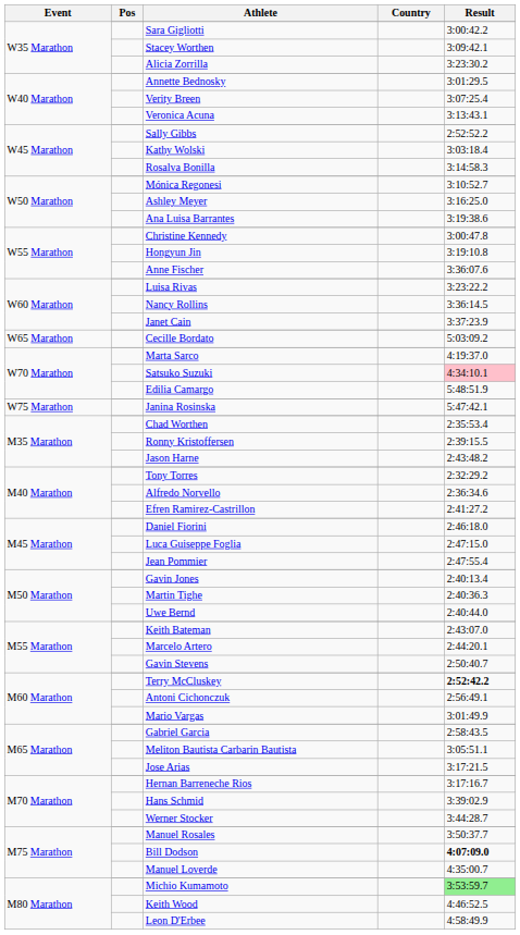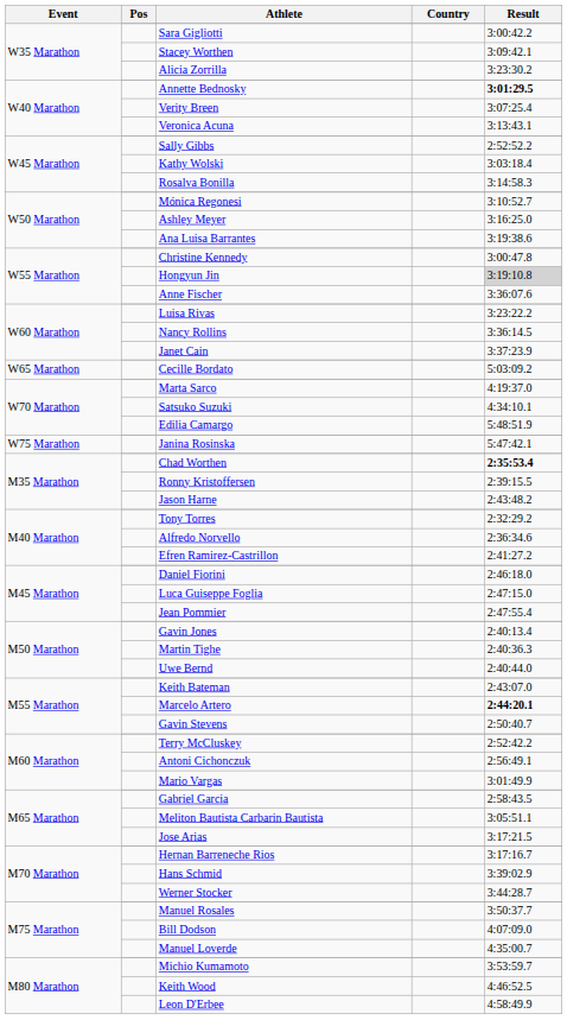 <table class="wikitable" style="width:60%;">
 <tr>
 <th>Event</th>
 <th>Pos</th>
 <th>Athlete</th>
 <th>Country</th>
 <th>Result</th>
 </tr>
 <tr>
 <td rowspan="4">W35 <a href='#'>Marathon</a></td>
 </tr>
 <tr>
 <td align=center></td>
 <td align=left><a href='#'>Sara Gigliotti</a></td>
 <td align=left></td>
 <td>3:00:42.2</td>
 </tr>
 <tr>
 <td align=center></td>
 <td align=left><a href='#'>Stacey Worthen</a></td>
 <td align=left></td>
 <td>3:09:42.1</td>
 </tr>
 <tr>
 <td align=center></td>
 <td align=left><a href='#'>Alicia Zorrilla</a></td>
 <td align=left></td>
 <td>3:23:30.2</td>
 </tr>
 <tr>
 <td rowspan="4">W40 <a href='#'>Marathon</a></td>
 </tr>
 <tr>
 <td align=center></td>
 <td align=left><a href='#'>Annette Bednosky</a></td>
 <td align=left></td>
-<td>3:01:29.5</td>
+<td><strong>3:01:29.5</strong></td>
 </tr>
 <tr>
 <td align=center></td>
 <td align=left><a href='#'>Verity Breen</a></td>
 <td align=left></td>
 <td>3:07:25.4</td>
 </tr>
 <tr>
 <td align=center></td>
 <td align=left><a href='#'>Veronica Acuna</a></td>
 <td align=left></td>
 <td>3:13:43.1</td>
 </tr>
 <tr>
 <td rowspan="4">W45 <a href='#'>Marathon</a></td>
 </tr>
 <tr>
 <td align=center></td>
 <td align=left><a href='#'>Sally Gibbs</a></td>
 <td align=left></td>
 <td>2:52:52.2</td>
 </tr>
 <tr>
 <td align=center></td>
 <td align=left><a href='#'>Kathy Wolski</a></td>
 <td align=left></td>
 <td>3:03:18.4</td>
 </tr>
 <tr>
 <td align=center></td>
 <td align=left><a href='#'>Rosalva Bonilla</a></td>
 <td align=left></td>
 <td>3:14:58.3</td>
 </tr>
 <tr>
 <td rowspan="4">W50 <a href='#'>Marathon</a></td>
 </tr>
 <tr>
 <td align=center></td>
 <td align=left><a href='#'>Mónica Regonesi</a></td>
 <td align=left></td>
 <td>3:10:52.7</td>
 </tr>
 <tr>
 <td align=center></td>
 <td align=left><a href='#'>Ashley Meyer</a></td>
 <td align=left></td>
 <td>3:16:25.0</td>
 </tr>
 <tr>
 <td align=center></td>
 <td align=left><a href='#'>Ana Luisa Barrantes</a></td>
 <td align=left></td>
 <td>3:19:38.6</td>
 </tr>
 <tr>
 <td rowspan="4">W55 <a href='#'>Marathon</a></td>
 </tr>
 <tr>
 <td align=center></td>
 <td align=left><a href='#'>Christine Kennedy</a></td>
 <td align=left></td>
 <td>3:00:47.8</td>
 </tr>
 <tr>
 <td align=center></td>
 <td align=left><a href='#'>Hongyun Jin</a></td>
 <td align=left></td>
-<td>3:19:10.8</td>
+<td style="background: lightgrey;">3:19:10.8</td>
 </tr>
 <tr>
 <td align=center></td>
 <td align=left><a href='#'>Anne Fischer</a></td>
 <td align=left></td>
 <td>3:36:07.6</td>
 </tr>
 <tr>
 <td rowspan="4">W60 <a href='#'>Marathon</a></td>
 </tr>
 <tr>
 <td align=center></td>
 <td align=left><a href='#'>Luisa Rivas</a></td>
 <td align=left></td>
 <td>3:23:22.2</td>
 </tr>
 <tr>
 <td align=center></td>
 <td align=left><a href='#'>Nancy Rollins</a></td>
 <td align=left></td>
 <td>3:36:14.5</td>
 </tr>
 <tr>
 <td align=center></td>
 <td align=left><a href='#'>Janet Cain</a></td>
 <td align=left></td>
 <td>3:37:23.9</td>
 </tr>
 <tr>
 <td rowspan="2">W65 <a href='#'>Marathon</a></td>
 </tr>
 <tr>
 <td align=center></td>
 <td align=left><a href='#'>Cecille Bordato</a></td>
 <td align=left></td>
 <td>5:03:09.2</td>
 </tr>
 <tr>
 <td rowspan="4">W70 <a href='#'>Marathon</a></td>
 </tr>
 <tr>
 <td align=center></td>
 <td align=left><a href='#'>Marta Sarco</a></td>
 <td align=left></td>
 <td>4:19:37.0</td>
 </tr>
 <tr>
 <td align=center></td>
 <td align=left><a href='#'>Satsuko Suzuki</a></td>
 <td align=left></td>
-<td style="background: pink;">4:34:10.1</td>
+<td>4:34:10.1</td>
 </tr>
 <tr>
 <td align=center></td>
 <td align=left><a href='#'>Edilia Camargo</a></td>
 <td align=left></td>
 <td>5:48:51.9</td>
 </tr>
 <tr>
 <td rowspan="2">W75 <a href='#'>Marathon</a></td>
 </tr>
 <tr>
 <td align=center></td>
 <td align=left><a href='#'>Janina Rosinska</a></td>
 <td align=left></td>
 <td>5:47:42.1</td>
 </tr>
 <tr>
 <td rowspan="4">M35 <a href='#'>Marathon</a></td>
 </tr>
 <tr>
 <td align=center></td>
 <td align=left><a href='#'>Chad Worthen</a></td>
 <td align=left></td>
-<td>2:35:53.4</td>
+<td><strong>2:35:53.4</strong></td>
 </tr>
 <tr>
 <td align=center></td>
 <td align=left><a href='#'>Ronny Kristoffersen</a></td>
 <td align=left></td>
 <td>2:39:15.5</td>
 </tr>
 <tr>
 <td align=center></td>
 <td align=left><a href='#'>Jason Harne</a></td>
 <td align=left></td>
 <td>2:43:48.2</td>
 </tr>
 <tr>
 <td rowspan="4">M40 <a href='#'>Marathon</a></td>
 </tr>
 <tr>
 <td align=center></td>
 <td align=left><a href='#'>Tony Torres</a></td>
 <td align=left></td>
 <td>2:32:29.2</td>
 </tr>
 <tr>
 <td align=center></td>
 <td align=left><a href='#'>Alfredo Norvello</a></td>
 <td align=left></td>
 <td>2:36:34.6</td>
 </tr>
 <tr>
 <td align=center></td>
 <td align=left><a href='#'>Efren Ramirez-Castrillon</a></td>
 <td align=left></td>
 <td>2:41:27.2</td>
 </tr>
 <tr>
 <td rowspan="4">M45 <a href='#'>Marathon</a></td>
 </tr>
 <tr>
 <td align=center></td>
 <td align=left><a href='#'>Daniel Fiorini</a></td>
 <td align=left></td>
 <td>2:46:18.0</td>
 </tr>
 <tr>
 <td align=center></td>
 <td align=left><a href='#'>Luca Guiseppe Foglia</a></td>
 <td align=left></td>
 <td>2:47:15.0</td>
 </tr>
 <tr>
 <td align=center></td>
 <td align=left><a href='#'>Jean Pommier</a></td>
 <td align="left"></td>
 <td>2:47:55.4</td>
 </tr>
 <tr>
 <td rowspan="4">M50 <a href='#'>Marathon</a></td>
 </tr>
 <tr>
 <td align=center></td>
 <td align=left><a href='#'>Gavin Jones</a></td>
 <td align=left></td>
 <td>2:40:13.4</td>
 </tr>
 <tr>
 <td align=center></td>
 <td align=left><a href='#'>Martin Tighe</a></td>
 <td align=left></td>
 <td>2:40:36.3</td>
 </tr>
 <tr>
 <td align=center></td>
 <td align=left><a href='#'>Uwe Bernd</a></td>
 <td align=left></td>
 <td>2:40:44.0</td>
 </tr>
 <tr>
 <td rowspan="4">M55 <a href='#'>Marathon</a></td>
 </tr>
 <tr>
 <td align=center></td>
 <td align=left><a href='#'>Keith Bateman</a></td>
 <td align=left></td>
 <td>2:43:07.0</td>
 </tr>
 <tr>
 <td align=center></td>
 <td align=left><a href='#'>Marcelo Artero</a></td>
 <td align=left></td>
-<td>2:44:20.1</td>
+<td><strong>2:44:20.1</strong></td>
 </tr>
 <tr>
 <td align=center></td>
 <td align=left><a href='#'>Gavin Stevens</a></td>
 <td align=left></td>
 <td>2:50:40.7</td>
 </tr>
 <tr>
 <td rowspan="4">M60 <a href='#'>Marathon</a></td>
 </tr>
 <tr>
 <td align=center></td>
 <td align=left><a href='#'>Terry McCluskey</a></td>
 <td align=left></td>
-<td><strong>2:52:42.2</strong></td>
+<td>2:52:42.2</td>
 </tr>
 <tr>
 <td align=center></td>
 <td align=left><a href='#'>Antoni Cichonczuk</a></td>
 <td align=left></td>
 <td>2:56:49.1</td>
 </tr>
 <tr>
 <td align=center></td>
 <td align=left><a href='#'>Mario Vargas</a></td>
 <td align=left></td>
 <td>3:01:49.9</td>
 </tr>
 <tr>
 <td rowspan="4">M65 <a href='#'>Marathon</a></td>
 </tr>
 <tr>
 <td align=center></td>
 <td align=left><a href='#'>Gabriel Garcia</a></td>
 <td align=left></td>
 <td>2:58:43.5</td>
 </tr>
 <tr>
 <td align=center></td>
 <td align=left><a href='#'>Meliton Bautista Carbarin Bautista</a></td>
 <td align=left></td>
 <td>3:05:51.1</td>
 </tr>
 <tr>
 <td align=center></td>
 <td align=left><a href='#'>Jose Arias</a></td>
 <td align=left></td>
 <td>3:17:21.5</td>
 </tr>
 <tr>
 <td rowspan="4">M70 <a href='#'>Marathon</a></td>
 </tr>
 <tr>
 <td align=center></td>
 <td align=left><a href='#'>Hernan Barreneche Rios</a></td>
 <td align=left></td>
 <td>3:17:16.7</td>
 </tr>
 <tr>
 <td align=center></td>
 <td align=left><a href='#'>Hans Schmid</a></td>
 <td align=left></td>
 <td>3:39:02.9</td>
 </tr>
 <tr>
 <td align=center></td>
 <td align=left><a href='#'>Werner Stocker</a></td>
 <td align=left></td>
 <td>3:44:28.7</td>
 </tr>
 <tr>
 <td rowspan="4">M75 <a href='#'>Marathon</a></td>
 </tr>
 <tr>
 <td align=center></td>
 <td align=left><a href='#'>Manuel Rosales</a></td>
 <td align=left></td>
 <td>3:50:37.7</td>
 </tr>
 <tr>
 <td align=center></td>
 <td align=left><a href='#'>Bill Dodson</a></td>
 <td align=left></td>
-<td><strong>4:07:09.0</strong></td>
+<td>4:07:09.0</td>
 </tr>
 <tr>
 <td align=center></td>
 <td align=left><a href='#'>Manuel Loverde</a></td>
 <td align=left></td>
 <td>4:35:00.7</td>
 </tr>
 <tr>
 <td rowspan="4">M80 <a href='#'>Marathon</a></td>
 </tr>
 <tr>
 <td align=center></td>
 <td align=left><a href='#'>Michio Kumamoto</a></td>
 <td align=left></td>
-<td style="background: lightgreen;">3:53:59.7</td>
+<td>3:53:59.7</td>
 </tr>
 <tr>
 <td align=center></td>
 <td align=left><a href='#'>Keith Wood</a></td>
 <td align=left></td>
 <td>4:46:52.5</td>
 </tr>
 <tr>
 <td align=center></td>
 <td align=left><a href='#'>Leon D'Erbee</a></td>
 <td align=left></td>
 <td>4:58:49.9</td>
 </tr>
 </table>
